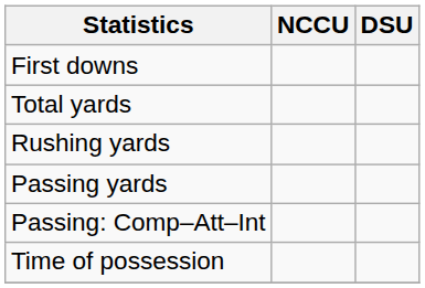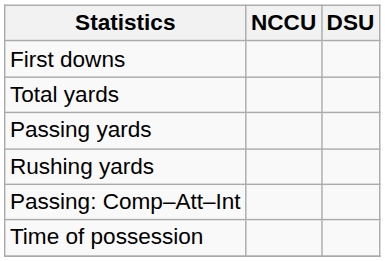 <table class="wikitable" style="float: left;">
 <tr>
 <th>Statistics</th>
 <th>NCCU</th>
 <th>DSU</th>
 </tr>
 <tr>
 <td>First downs</td>
 <td></td>
 <td></td>
 </tr>
 <tr>
 <td>Total yards</td>
 <td></td>
 <td></td>
 </tr>
 <tr>
-<td>Rushing yards</td>
+<td>Passing yards</td>
 <td></td>
 <td></td>
 </tr>
 <tr>
-<td>Passing yards</td>
+<td>Rushing yards</td>
 <td></td>
 <td></td>
 </tr>
 <tr>
 <td>Passing: Comp–Att–Int</td>
 <td></td>
 <td></td>
 </tr>
 <tr>
 <td>Time of possession</td>
 <td></td>
 <td></td>
 </tr>
 <tr>
 </tr>
 </table>
